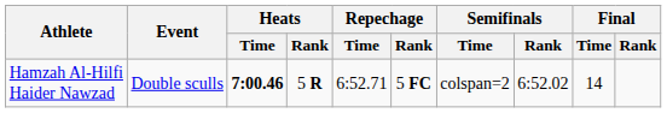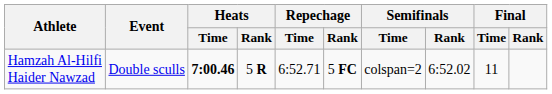 <table class="wikitable" style="font-size:90%">
 <tr>
 <th rowspan="2">Athlete</th>
 <th rowspan="2">Event</th>
 <th colspan="2">Heats</th>
 <th colspan="2">Repechage</th>
 <th colspan="2">Semifinals</th>
 <th colspan="2">Final</th>
 </tr>
 <tr style="font-size:95%">
 <th>Time</th>
 <th>Rank</th>
 <th>Time</th>
 <th>Rank</th>
 <th>Time</th>
 <th>Rank</th>
 <th>Time</th>
 <th>Rank</th>
 </tr>
 <tr align=center>
 <td align=left><a href='#'>Hamzah Al-Hilfi</a> <br> <a href='#'>Haider Nawzad</a></td>
 <td align=left><a href='#'>Double sculls</a></td>
 <td><strong>7:00.46</strong></td>
 <td>5 <strong>R</strong></td>
 <td>6:52.71</td>
 <td>5 <strong>FC</strong></td>
 <td>colspan=2 </td>
 <td>6:52.02</td>
-<td>14</td>
+<td>11</td>
 </tr>
 </table>
